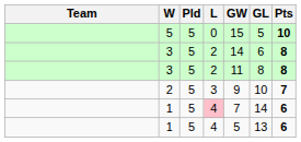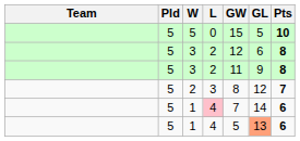 <table class="wikitable" style="text-align:center">
 <tr>
 <th width=200>Team</th>
+<th width=20>Pld</th>
 <th width=20>W</th>
-<th width=20>Pld</th>
 <th width=20>L</th>
 <th width=20>GW</th>
 <th width=20>GL</th>
 <th width=20>Pts</th>
 </tr>
 <tr bgcolor=ccffcc>
 <td style="text-align:left;"></td>
 <td>5</td>
 <td>5</td>
 <td>0</td>
 <td>15</td>
 <td>5</td>
 <td><strong>10</strong></td>
 </tr>
 <tr bgcolor=ccffcc>
 <td style="text-align:left;"></td>
+<td>5</td>
 <td>3</td>
-<td>5</td>
 <td>2</td>
-<td>14</td>
+<td>12</td>
 <td>6</td>
 <td><strong>8</strong></td>
 </tr>
 <tr bgcolor=ccffcc>
 <td style="text-align:left;"></td>
+<td>5</td>
 <td>3</td>
-<td>5</td>
 <td>2</td>
 <td>11</td>
-<td>8</td>
+<td>9</td>
 <td><strong>8</strong></td>
 </tr>
 <tr>
 <td style="text-align:left;"></td>
+<td>5</td>
 <td>2</td>
-<td>5</td>
 <td>3</td>
-<td>9</td>
-<td>10</td>
+<td>8</td>
+<td>12</td>
 <td><strong>7</strong></td>
 </tr>
 <tr>
 <td style="text-align:left;"></td>
+<td>5</td>
 <td>1</td>
-<td>5</td>
 <td style="background: pink;">4</td>
 <td>7</td>
 <td>14</td>
 <td><strong>6</strong></td>
 </tr>
 <tr>
 <td style="text-align:left;"></td>
+<td>5</td>
 <td>1</td>
-<td>5</td>
 <td>4</td>
 <td>5</td>
-<td>13</td>
+<td style="background: lightsalmon;">13</td>
 <td><strong>6</strong></td>
 </tr>
 </table>
